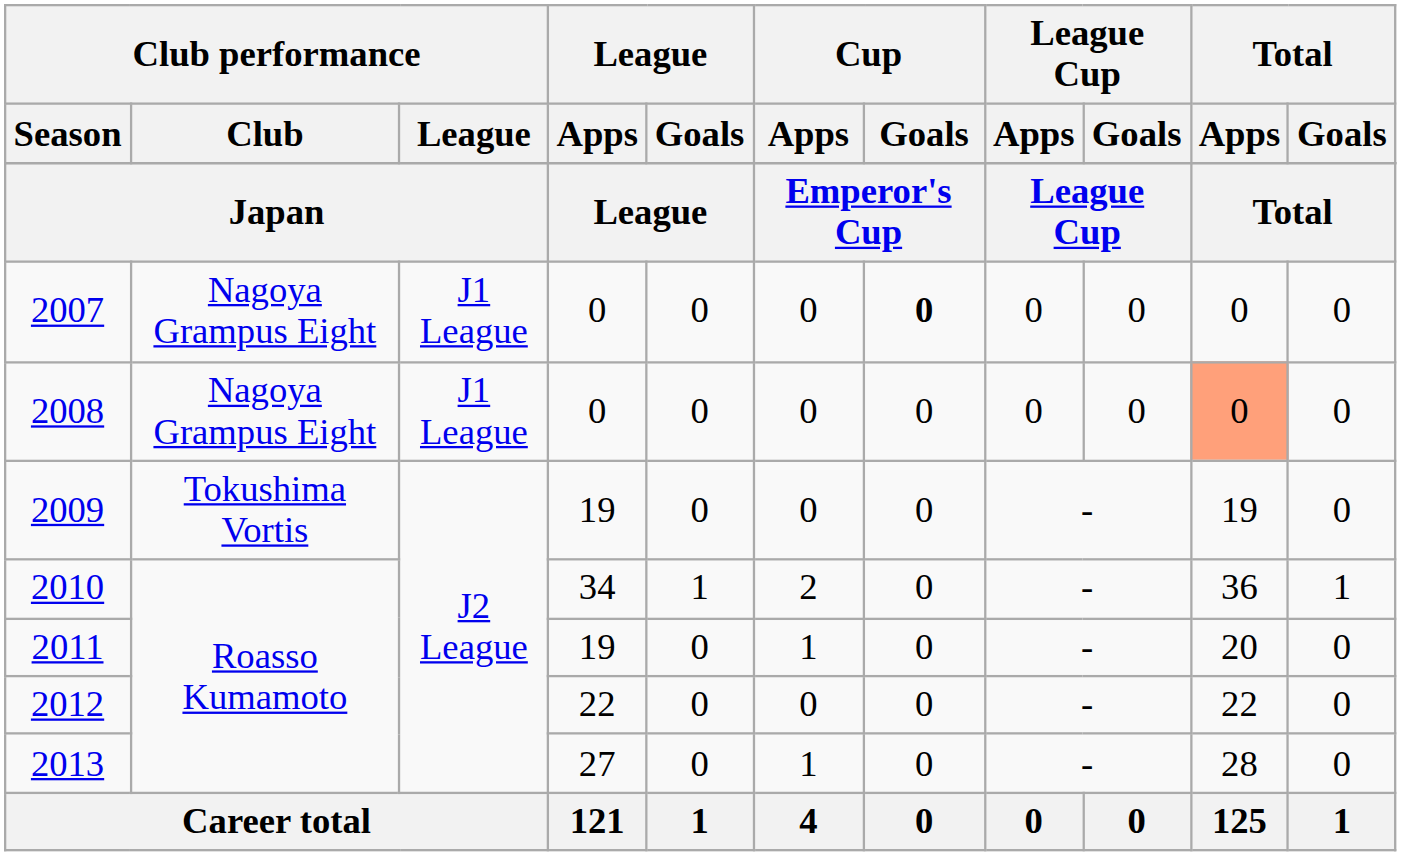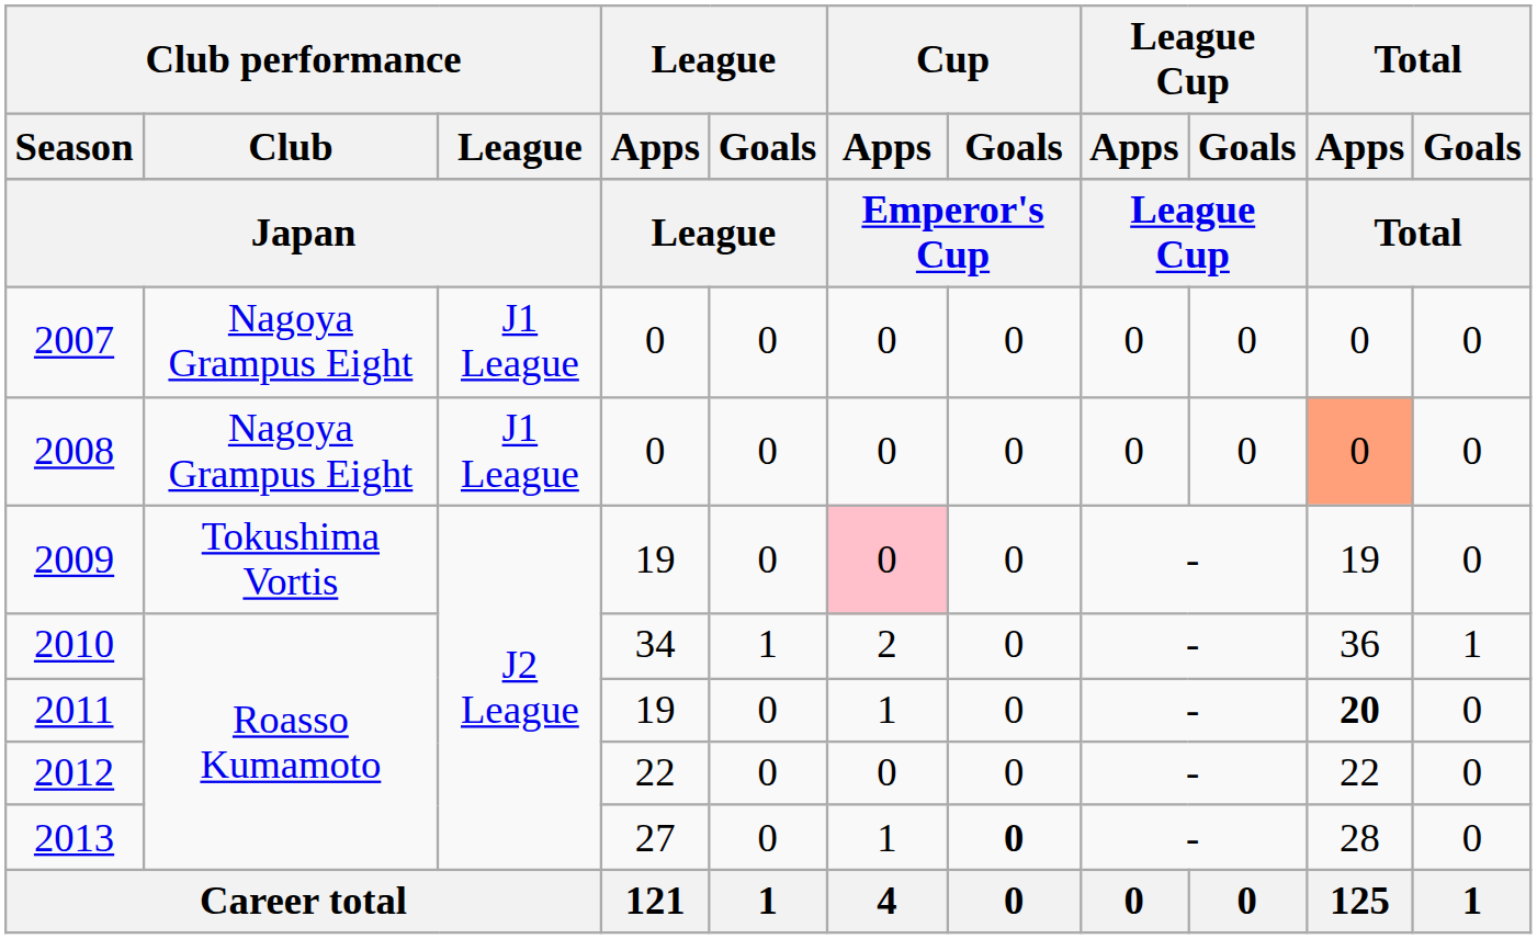 <table class="wikitable" style="text-align:center">
 <tr>
 <th colspan=3>Club performance</th>
 <th colspan=2>League</th>
 <th colspan=2>Cup</th>
 <th colspan=2>League Cup</th>
 <th colspan=2>Total</th>
 </tr>
 <tr>
 <th>Season</th>
 <th>Club</th>
 <th>League</th>
 <th>Apps</th>
 <th>Goals</th>
 <th>Apps</th>
 <th>Goals</th>
 <th>Apps</th>
 <th>Goals</th>
 <th>Apps</th>
 <th>Goals</th>
 </tr>
 <tr>
 </tr>
 <tr>
 <th colspan=3>Japan</th>
 <th colspan=2>League</th>
 <th colspan=2><a href='#'>Emperor's Cup</a></th>
 <th colspan=2><a href='#'>League Cup</a></th>
 <th colspan=2>Total</th>
 </tr>
 <tr>
 <td><a href='#'>2007</a></td>
 <td><a href='#'>Nagoya Grampus Eight</a></td>
 <td><a href='#'>J1 League</a></td>
 <td>0</td>
 <td>0</td>
 <td>0</td>
-<td><strong>0</strong></td>
+<td>0</td>
 <td>0</td>
 <td>0</td>
 <td>0</td>
 <td>0</td>
 </tr>
 <tr>
 <td><a href='#'>2008</a></td>
 <td><a href='#'>Nagoya Grampus Eight</a></td>
 <td><a href='#'>J1 League</a></td>
 <td>0</td>
 <td>0</td>
 <td>0</td>
 <td>0</td>
 <td>0</td>
 <td>0</td>
 <td style="background: lightsalmon;">0</td>
 <td>0</td>
 </tr>
 <tr>
 <td><a href='#'>2009</a></td>
 <td><a href='#'>Tokushima Vortis</a></td>
 <td rowspan="5"><a href='#'>J2 League</a></td>
 <td>19</td>
 <td>0</td>
-<td>0</td>
+<td style="background: pink;">0</td>
 <td>0</td>
 <td colspan="2">-</td>
 <td>19</td>
 <td>0</td>
 </tr>
 <tr>
 <td><a href='#'>2010</a></td>
 <td rowspan="4"><a href='#'>Roasso Kumamoto</a></td>
 <td>34</td>
 <td>1</td>
 <td>2</td>
 <td>0</td>
 <td colspan="2">-</td>
 <td>36</td>
 <td>1</td>
 </tr>
 <tr>
 <td><a href='#'>2011</a></td>
 <td>19</td>
 <td>0</td>
 <td>1</td>
 <td>0</td>
 <td colspan="2">-</td>
-<td>20</td>
+<td><strong>20</strong></td>
 <td>0</td>
 </tr>
 <tr>
 <td><a href='#'>2012</a></td>
 <td>22</td>
 <td>0</td>
 <td>0</td>
 <td>0</td>
 <td colspan="2">-</td>
 <td>22</td>
 <td>0</td>
 </tr>
 <tr>
 <td><a href='#'>2013</a></td>
 <td>27</td>
 <td>0</td>
 <td>1</td>
-<td>0</td>
+<td><strong>0</strong></td>
 <td colspan="2">-</td>
 <td>28</td>
 <td>0</td>
 </tr>
 <tr>
 <th colspan=3>Career total</th>
 <th>121</th>
 <th>1</th>
 <th>4</th>
 <th>0</th>
 <th>0</th>
 <th>0</th>
 <th>125</th>
 <th>1</th>
 </tr>
 </table>
